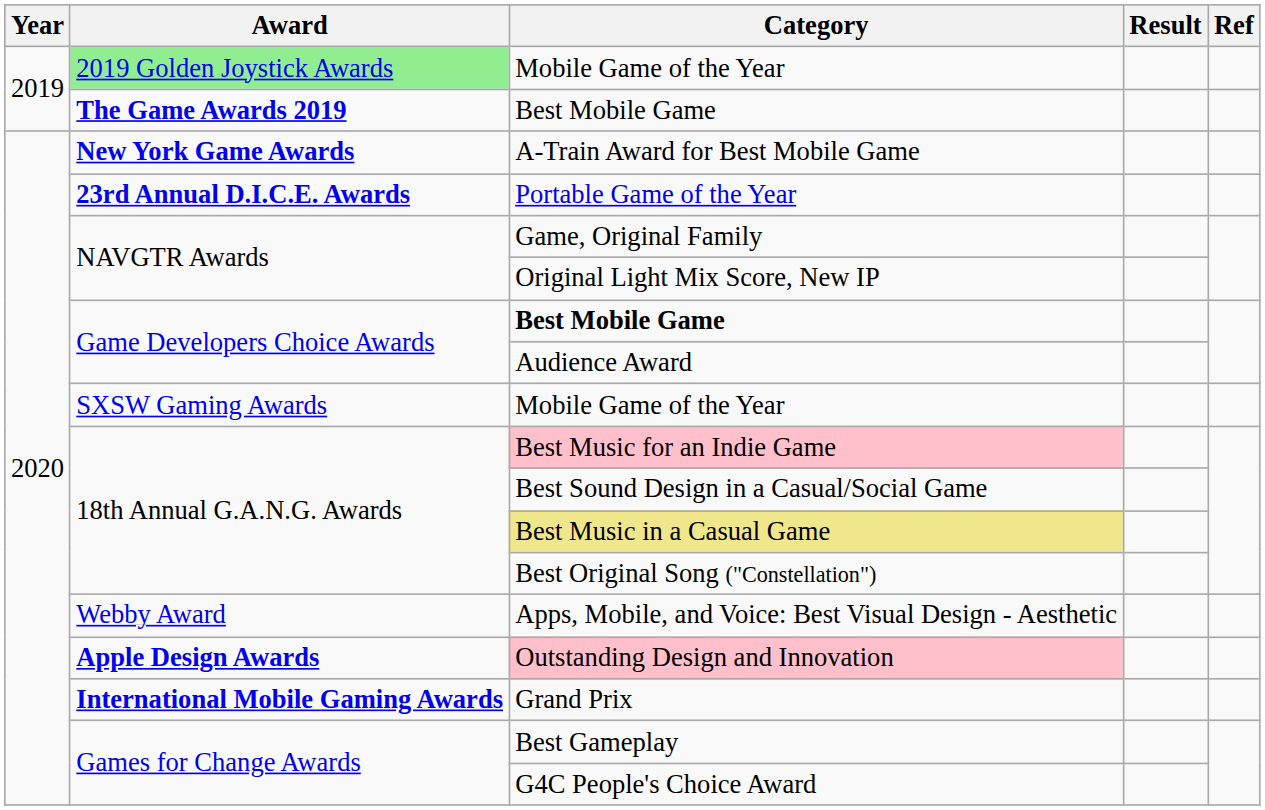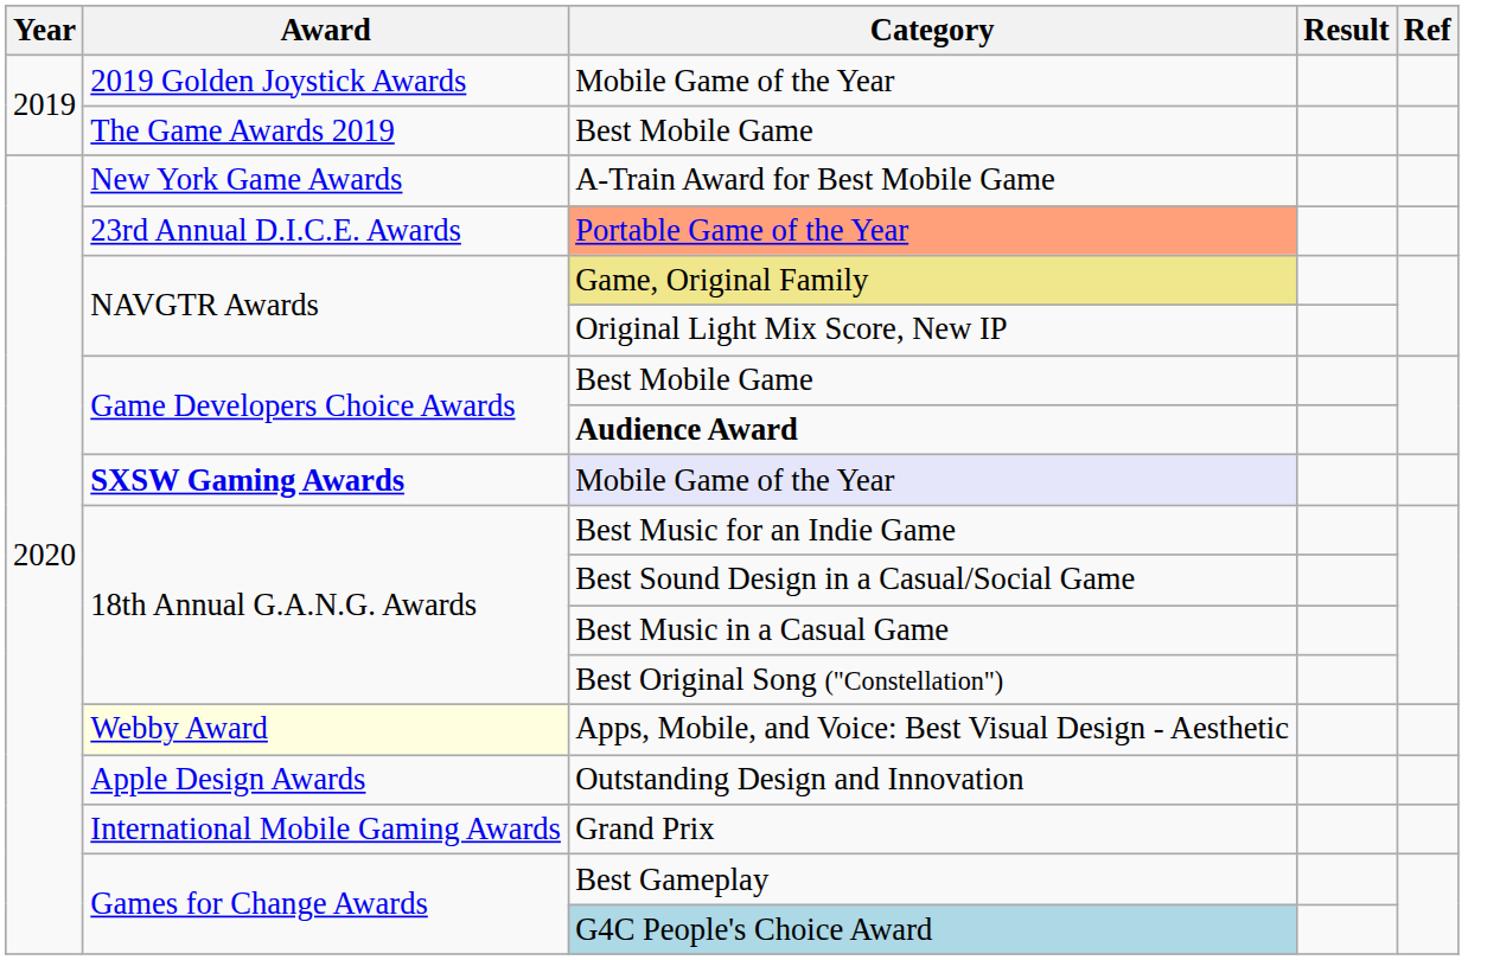 <table class="wikitable sortable">
 <tr>
 <th>Year</th>
 <th>Award</th>
 <th>Category</th>
 <th>Result</th>
 <th>Ref</th>
 </tr>
 <tr>
 <td style="text-align:center;" rowspan="2">2019</td>
-<td style="background: lightgreen;"><a href='#'>2019 Golden Joystick Awards</a></td>
+<td><a href='#'>2019 Golden Joystick Awards</a></td>
 <td>Mobile Game of the Year</td>
 <td></td>
 <td style="text-align:center;"></td>
 </tr>
 <tr>
-<td><strong><a href='#'>The Game Awards 2019</a></strong></td>
+<td><a href='#'>The Game Awards 2019</a></td>
 <td>Best Mobile Game</td>
 <td></td>
 <td style="text-align:center;"></td>
 </tr>
 <tr>
 <td rowspan="16" style="text-align:center;">2020</td>
-<td><strong><a href='#'>New York Game Awards</a></strong></td>
+<td><a href='#'>New York Game Awards</a></td>
 <td>A-Train Award for Best Mobile Game</td>
 <td></td>
 <td style="text-align:center;"></td>
 </tr>
 <tr>
-<td><strong><a href='#'>23rd Annual D.I.C.E. Awards</a></strong></td>
-<td><a href='#'>Portable Game of the Year</a></td>
+<td><a href='#'>23rd Annual D.I.C.E. Awards</a></td>
+<td style="background: lightsalmon;"><a href='#'>Portable Game of the Year</a></td>
 <td></td>
 <td style="text-align:center;"></td>
 </tr>
 <tr>
 <td rowspan="2">NAVGTR Awards</td>
-<td>Game, Original Family</td>
+<td style="background: khaki;">Game, Original Family</td>
 <td></td>
 <td rowspan="2" style="text-align:center;"></td>
 </tr>
 <tr>
 <td>Original Light Mix Score, New IP</td>
 <td></td>
 </tr>
 <tr>
 <td rowspan="2"><a href='#'>Game Developers Choice Awards</a></td>
-<td><strong>Best Mobile Game</strong></td>
+<td>Best Mobile Game</td>
 <td></td>
 <td rowspan="2" style="text-align:center;"></td>
 </tr>
 <tr>
-<td>Audience Award</td>
+<td><strong>Audience Award</strong></td>
 <td></td>
 </tr>
 <tr>
-<td><a href='#'>SXSW Gaming Awards</a></td>
-<td>Mobile Game of the Year</td>
+<td><strong><a href='#'>SXSW Gaming Awards</a></strong></td>
+<td style="background: lavender;">Mobile Game of the Year</td>
 <td></td>
 <td style="text-align:center;"></td>
 </tr>
 <tr>
 <td rowspan="4">18th Annual G.A.N.G. Awards</td>
-<td style="background: pink;">Best Music for an Indie Game</td>
+<td>Best Music for an Indie Game</td>
 <td></td>
 <td rowspan="4" style="text-align:center;"></td>
 </tr>
 <tr>
 <td>Best Sound Design in a Casual/Social Game</td>
 <td></td>
 </tr>
 <tr>
-<td style="background: khaki;">Best Music in a Casual Game</td>
+<td>Best Music in a Casual Game</td>
 <td></td>
 </tr>
 <tr>
 <td>Best Original Song <small>("Constellation")</small></td>
 <td></td>
 </tr>
 <tr>
-<td><a href='#'>Webby Award</a></td>
+<td style="background: lightyellow;"><a href='#'>Webby Award</a></td>
 <td>Apps, Mobile, and Voice: Best Visual Design - Aesthetic</td>
 <td></td>
 <td style="text-align:center;"></td>
 </tr>
 <tr>
-<td><strong><a href='#'>Apple Design Awards</a></strong></td>
-<td style="background: pink;">Outstanding Design and Innovation</td>
+<td><a href='#'>Apple Design Awards</a></td>
+<td>Outstanding Design and Innovation</td>
 <td></td>
 <td style="text-align:center;"></td>
 </tr>
 <tr>
-<td><strong><a href='#'>International Mobile Gaming Awards</a></strong></td>
+<td><a href='#'>International Mobile Gaming Awards</a></td>
 <td>Grand Prix</td>
 <td></td>
 <td style="text-align:center;"></td>
 </tr>
 <tr>
 <td rowspan="2"><a href='#'>Games for Change Awards</a></td>
 <td>Best Gameplay</td>
 <td></td>
 <td rowspan="2" style="text-align:center;"></td>
 </tr>
 <tr>
-<td>G4C People's Choice Award</td>
+<td style="background: lightblue;">G4C People's Choice Award</td>
 <td></td>
 </tr>
 </table>
